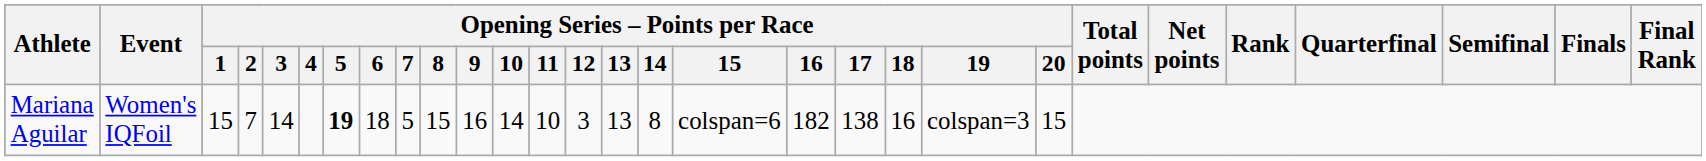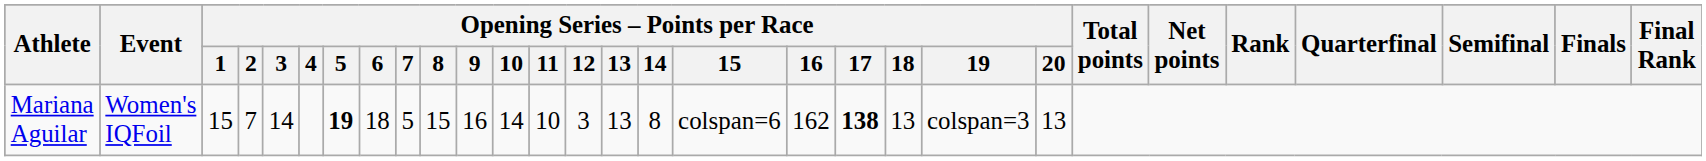 <table class="wikitable" style="font-size:90%">
 <tr>
 <th rowspan="2">Athlete</th>
 <th rowspan="2">Event</th>
 <th colspan=20>Opening Series – Points per Race</th>
 <th rowspan=2>Total points</th>
 <th rowspan=2>Net points</th>
 <th rowspan=2>Rank</th>
 <th rowspan=2>Quarterfinal</th>
 <th rowspan=2>Semifinal</th>
 <th rowspan=2>Finals</th>
 <th rowspan=2>Final Rank</th>
 </tr>
 <tr style="font-size:95%">
 <th>1</th>
 <th>2</th>
 <th>3</th>
 <th>4</th>
 <th>5</th>
 <th>6</th>
 <th>7</th>
 <th>8</th>
 <th>9</th>
 <th>10</th>
 <th>11</th>
 <th>12</th>
 <th>13</th>
 <th>14</th>
 <th>15</th>
 <th>16</th>
 <th>17</th>
 <th>18</th>
 <th>19</th>
 <th>20</th>
 </tr>
 <tr align=center>
 <td align=left><a href='#'>Mariana Aguilar</a></td>
 <td align=left><a href='#'>Women's IQFoil</a></td>
 <td>15</td>
 <td>7</td>
 <td>14</td>
 <td><span></span></td>
 <td><strong><span>19</span></strong></td>
 <td>18</td>
 <td>5</td>
 <td>15</td>
 <td>16</td>
 <td>14</td>
 <td>10</td>
 <td>3</td>
 <td>13</td>
 <td>8</td>
 <td>colspan=6</td>
-<td>182</td>
-<td>138</td>
-<td>16</td>
+<td>162</td>
+<td><strong>138</strong></td>
+<td>13</td>
 <td>colspan=3</td>
-<td>15</td>
+<td>13</td>
 </tr>
 </table>
